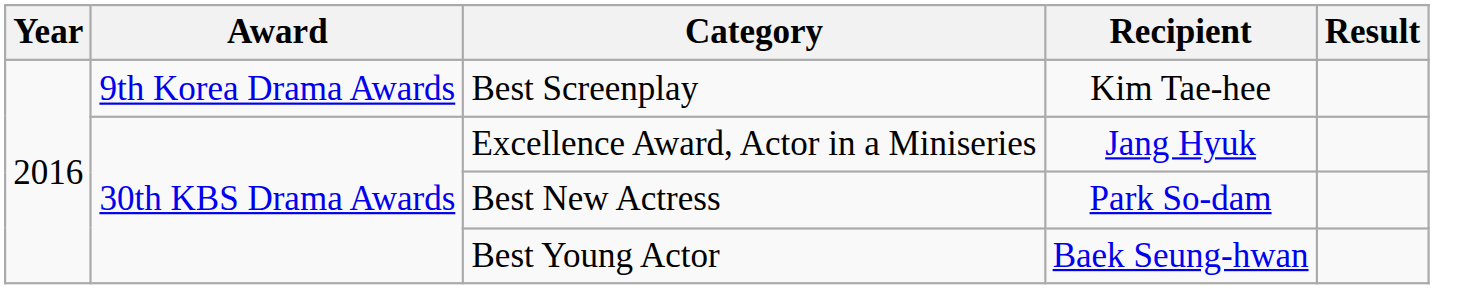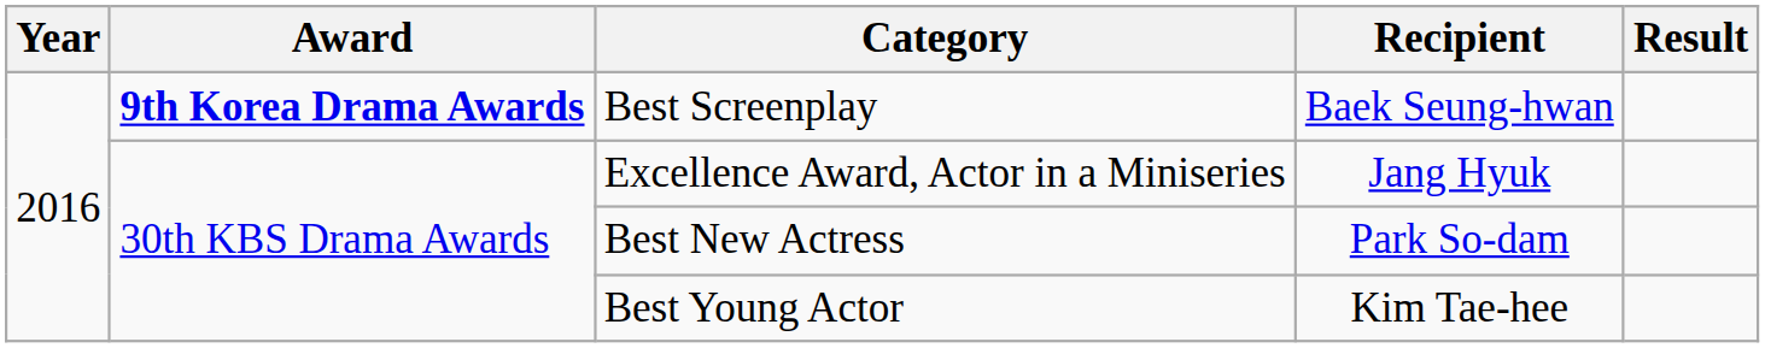 <table class="wikitable">
 <tr>
 <th>Year</th>
 <th>Award</th>
 <th>Category</th>
 <th>Recipient</th>
 <th>Result</th>
 </tr>
 <tr>
 <td rowspan="4" style="text-align:center;">2016</td>
-<td><a href='#'>9th Korea Drama Awards</a></td>
+<td><strong><a href='#'>9th Korea Drama Awards</a></strong></td>
 <td>Best Screenplay</td>
-<td style="text-align:center;">Kim Tae-hee</td>
+<td style="text-align:center;"><a href='#'>Baek Seung-hwan</a></td>
 <td></td>
 </tr>
 <tr>
 <td rowspan="3"><a href='#'>30th KBS Drama Awards</a></td>
 <td>Excellence Award, Actor in a Miniseries</td>
 <td style="text-align:center;"><a href='#'>Jang Hyuk</a></td>
 <td></td>
 </tr>
 <tr>
 <td>Best New Actress</td>
 <td style="text-align:center;"><a href='#'>Park So-dam</a></td>
 <td></td>
 </tr>
 <tr>
 <td>Best Young Actor</td>
-<td style="text-align:center;"><a href='#'>Baek Seung-hwan</a></td>
+<td style="text-align:center;">Kim Tae-hee</td>
 <td></td>
 </tr>
 </table>
